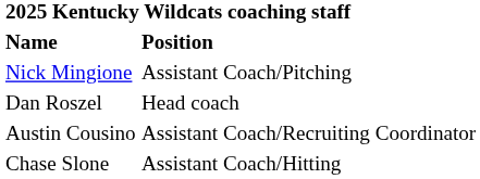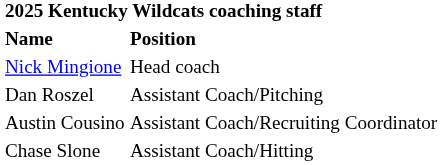 <table class="toccolours" style="text-align: left; font-size:90%;">
 <tr>
 <th colspan="9">2025 Kentucky Wildcats coaching staff</th>
 </tr>
 <tr>
 <th>Name</th>
 <th>Position</th>
 </tr>
 <tr>
 <td><a href='#'>Nick Mingione</a></td>
-<td>Assistant Coach/Pitching</td>
+<td>Head coach</td>
 </tr>
 <tr>
 <td>Dan Roszel</td>
-<td>Head coach</td>
+<td>Assistant Coach/Pitching</td>
 </tr>
 <tr>
 <td>Austin Cousino</td>
 <td>Assistant Coach/Recruiting Coordinator</td>
 </tr>
 <tr>
 <td>Chase Slone</td>
 <td>Assistant Coach/Hitting</td>
 </tr>
 </table>
